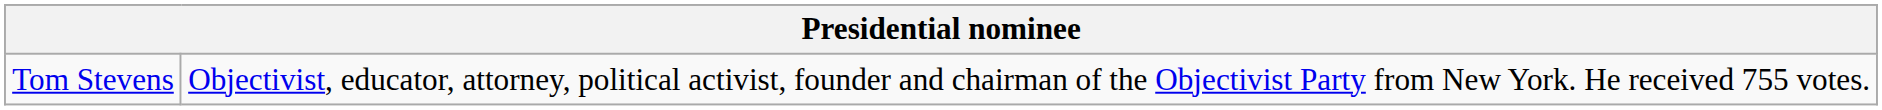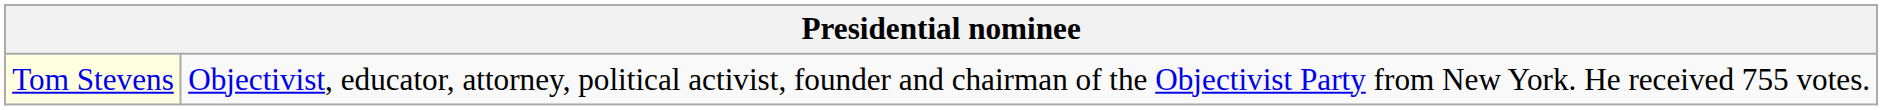 <table class=wikitable>
 <tr>
 <th colspan=3>Presidential nominee</th>
 </tr>
 <tr>
-<td><a href='#'>Tom Stevens</a></td>
+<td style="background: lightyellow;"><a href='#'>Tom Stevens</a></td>
 <td><a href='#'>Objectivist</a>, educator, attorney, political activist, founder and chairman of the <a href='#'>Objectivist Party</a> from New York. He received 755 votes.</td>
 </tr>
 </table>
